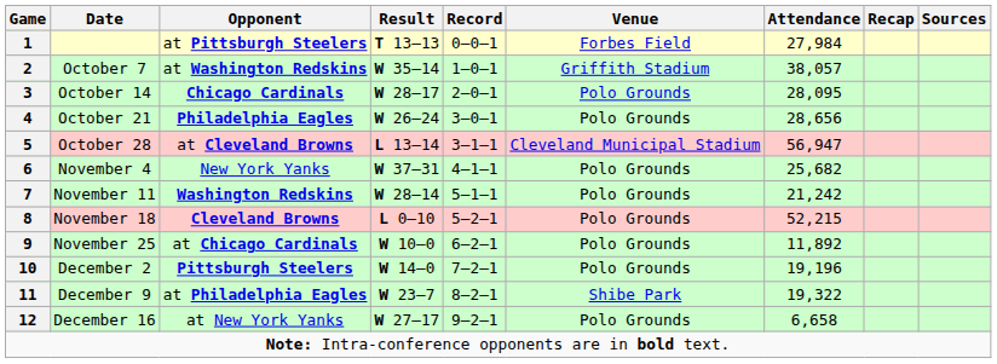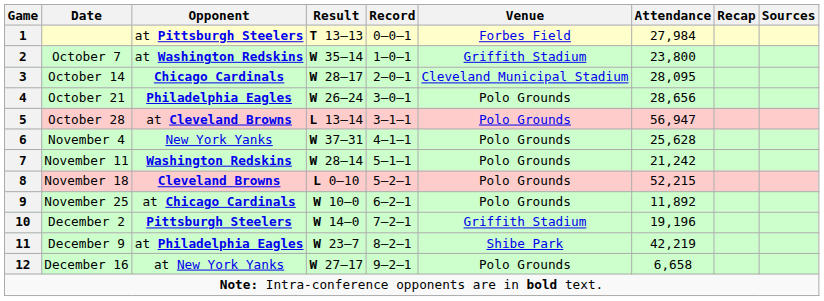 <table class="wikitable" style="text-align:center">
 <tr>
 <th>Game</th>
 <th>Date</th>
 <th>Opponent</th>
 <th>Result</th>
 <th>Record</th>
 <th>Venue</th>
 <th>Attendance</th>
 <th>Recap</th>
 <th>Sources</th>
 </tr>
 <tr style="background:#ffc">
 <th>1</th>
 <td></td>
 <td>at <strong><a href='#'>Pittsburgh Steelers</a></strong></td>
 <td><strong>T</strong> 13–13</td>
 <td>0–0–1</td>
 <td><a href='#'>Forbes Field</a></td>
 <td>27,984</td>
 <td></td>
 <td></td>
 </tr>
 <tr style="background:#cfc">
 <th>2</th>
 <td>October 7</td>
 <td>at <strong><a href='#'>Washington Redskins</a></strong></td>
 <td><strong>W</strong> 35–14</td>
 <td>1–0–1</td>
 <td><a href='#'>Griffith Stadium</a></td>
-<td>38,057</td>
+<td>23,800</td>
 <td></td>
 <td></td>
 </tr>
 <tr style="background:#cfc">
 <th>3</th>
 <td>October 14</td>
 <td><strong><a href='#'>Chicago Cardinals</a></strong></td>
 <td><strong>W</strong> 28–17</td>
 <td>2–0–1</td>
-<td><a href='#'>Polo Grounds</a></td>
+<td><a href='#'>Cleveland Municipal Stadium</a></td>
 <td>28,095</td>
 <td></td>
 <td></td>
 </tr>
 <tr style="background:#cfc">
 <th>4</th>
 <td>October 21</td>
 <td><strong><a href='#'>Philadelphia Eagles</a></strong></td>
 <td><strong>W</strong> 26–24</td>
 <td>3–0–1</td>
 <td>Polo Grounds</td>
 <td>28,656</td>
 <td></td>
 <td></td>
 </tr>
 <tr style="background:#fcc">
 <th>5</th>
 <td>October 28</td>
 <td>at <strong><a href='#'>Cleveland Browns</a></strong></td>
 <td><strong>L</strong> 13–14</td>
 <td>3–1–1</td>
-<td><a href='#'>Cleveland Municipal Stadium</a></td>
+<td><a href='#'>Polo Grounds</a></td>
 <td>56,947</td>
 <td></td>
 <td></td>
 </tr>
 <tr style="background:#cfc">
 <th>6</th>
 <td>November 4</td>
 <td><a href='#'>New York Yanks</a></td>
 <td><strong>W</strong> 37–31</td>
 <td>4–1–1</td>
 <td>Polo Grounds</td>
-<td>25,682</td>
+<td>25,628</td>
 <td></td>
 <td></td>
 </tr>
 <tr style="background:#cfc">
 <th>7</th>
 <td>November 11</td>
 <td><strong><a href='#'>Washington Redskins</a></strong></td>
 <td><strong>W</strong> 28–14</td>
 <td>5–1–1</td>
 <td>Polo Grounds</td>
 <td>21,242</td>
 <td></td>
 <td></td>
 </tr>
 <tr style="background:#fcc">
 <th>8</th>
 <td>November 18</td>
 <td><strong><a href='#'>Cleveland Browns</a></strong></td>
 <td><strong>L</strong> 0–10</td>
 <td>5–2–1</td>
 <td>Polo Grounds</td>
 <td>52,215</td>
 <td></td>
 <td></td>
 </tr>
 <tr style="background:#cfc">
 <th>9</th>
 <td>November 25</td>
 <td>at <strong><a href='#'>Chicago Cardinals</a></strong></td>
 <td><strong>W</strong> 10–0</td>
 <td>6–2–1</td>
 <td>Polo Grounds</td>
 <td>11,892</td>
 <td></td>
 <td></td>
 </tr>
 <tr style="background:#cfc">
 <th>10</th>
 <td>December 2</td>
 <td><strong><a href='#'>Pittsburgh Steelers</a></strong></td>
 <td><strong>W</strong> 14–0</td>
 <td>7–2–1</td>
-<td>Polo Grounds</td>
+<td><a href='#'>Griffith Stadium</a></td>
 <td>19,196</td>
 <td></td>
 <td></td>
 </tr>
 <tr style="background:#cfc">
 <th>11</th>
 <td>December 9</td>
 <td>at <strong><a href='#'>Philadelphia Eagles</a></strong></td>
 <td><strong>W</strong> 23–7</td>
 <td>8–2–1</td>
 <td><a href='#'>Shibe Park</a></td>
-<td>19,322</td>
+<td>42,219</td>
 <td></td>
 <td></td>
 </tr>
 <tr style="background:#cfc">
 <th>12</th>
 <td>December 16</td>
 <td>at <a href='#'>New York Yanks</a></td>
 <td><strong>W</strong> 27–17</td>
 <td>9–2–1</td>
 <td>Polo Grounds</td>
 <td>6,658</td>
 <td></td>
 <td></td>
 </tr>
 <tr>
 <td colspan="10"><strong>Note:</strong> Intra-conference opponents are in <strong>bold</strong> text.</td>
 </tr>
 </table>
